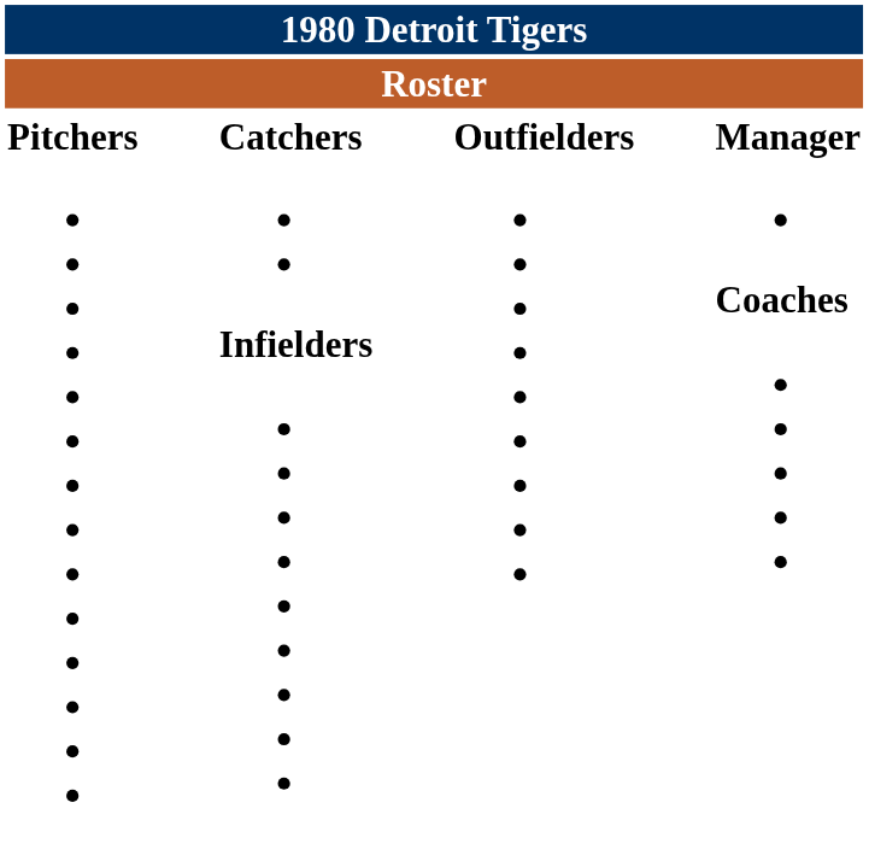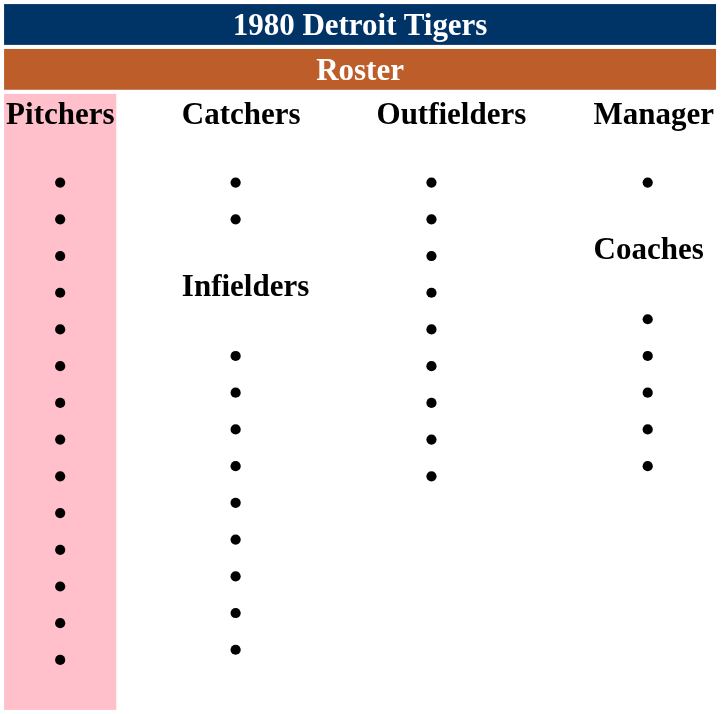 <table class="toccolours" style="font-size: 95%;">
 <tr>
 <th colspan="10" style="background-color: #003366; color: white; text-align: center;">1980 Detroit Tigers</th>
 </tr>
 <tr>
 <td colspan="10" style="background-color: #bd5d29; color: white; text-align: center;"><strong>Roster</strong></td>
 </tr>
 <tr>
-<td valign="top"><strong>Pitchers</strong><br><ul><li></li><li></li><li></li><li></li><li></li><li></li><li></li><li></li><li></li><li></li><li></li><li></li><li></li><li></li></ul></td>
+<td valign="top" style="background: pink;"><strong>Pitchers</strong><br><ul><li></li><li></li><li></li><li></li><li></li><li></li><li></li><li></li><li></li><li></li><li></li><li></li><li></li><li></li></ul></td>
 <td width="25px"></td>
 <td valign="top"><strong>Catchers</strong><br><ul><li></li><li></li></ul><strong>Infielders</strong><ul><li></li><li></li><li></li><li></li><li></li><li></li><li></li><li></li><li></li></ul></td>
 <td width="25px"></td>
 <td valign="top"><strong>Outfielders</strong><br><ul><li></li><li></li><li></li><li></li><li></li><li></li><li></li><li></li><li></li></ul></td>
 <td width="25px"></td>
 <td valign="top"><strong>Manager</strong><br><ul><li></li></ul><strong>Coaches</strong><ul><li></li><li></li><li></li><li></li><li></li></ul></td>
 </tr>
 <tr>
 </tr>
 </table>
